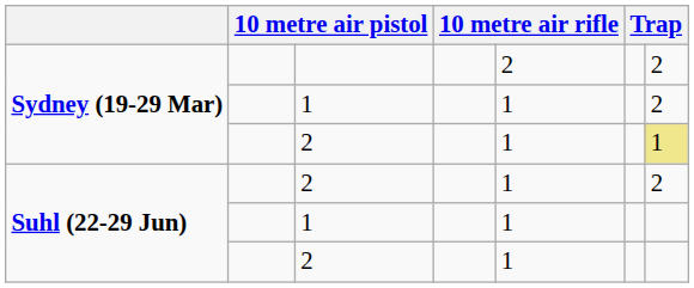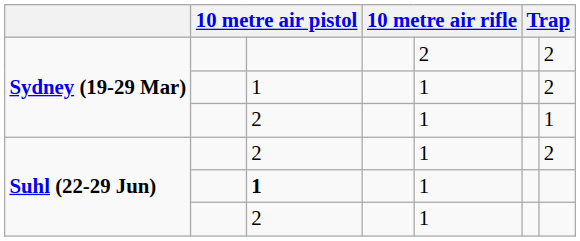 <table class="wikitable">
 <tr>
 <th></th>
 <th colspan="2"><a href='#'>10 metre air pistol</a></th>
 <th colspan="2"><a href='#'>10 metre air rifle</a></th>
 <th colspan="2"><a href='#'>Trap</a></th>
 </tr>
 <tr>
 <td rowspan="3"><strong><a href='#'>Sydney</a>  (19-29 Mar)</strong></td>
 <td></td>
 <td></td>
 <td></td>
 <td> 2</td>
 <td></td>
 <td> 2</td>
 </tr>
 <tr>
 <td></td>
 <td> 1</td>
 <td></td>
 <td> 1</td>
 <td></td>
 <td> 2</td>
 </tr>
 <tr>
 <td></td>
 <td> 2</td>
 <td></td>
 <td> 1</td>
 <td></td>
-<td style="background: khaki;"> 1</td>
+<td> 1</td>
 </tr>
 <tr>
 <td rowspan="3"><strong><a href='#'>Suhl</a></strong> <strong> (22-29 Jun)</strong></td>
 <td></td>
 <td> 2</td>
 <td></td>
 <td> 1</td>
 <td></td>
 <td> 2</td>
 </tr>
 <tr>
 <td></td>
-<td> 1</td>
+<td><strong> 1</strong></td>
 <td></td>
 <td> 1</td>
 <td></td>
 <td></td>
 </tr>
 <tr>
 <td></td>
 <td> 2</td>
 <td></td>
 <td> 1</td>
 <td></td>
 <td></td>
 </tr>
 </table>
